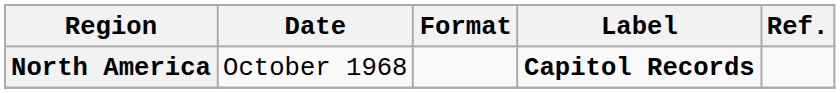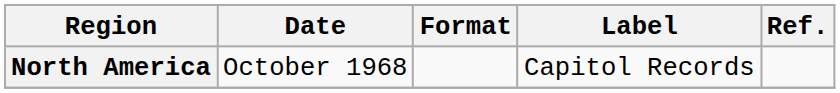 <table class="wikitable plainrowheaders">
 <tr>
 <th scope="col">Region</th>
 <th scope="col">Date</th>
 <th scope="col">Format</th>
 <th scope="col">Label</th>
 <th scope="col">Ref.</th>
 </tr>
 <tr>
 <th scope="row">North America</th>
 <td>October 1968</td>
 <td></td>
-<td><strong>Capitol Records</strong></td>
+<td>Capitol Records</td>
 <td></td>
 </tr>
 <tr>
 </tr>
 </table>
